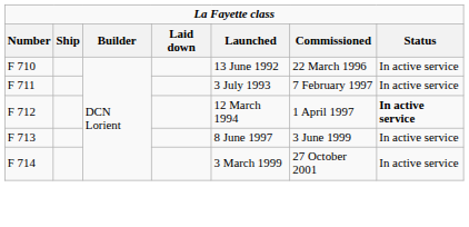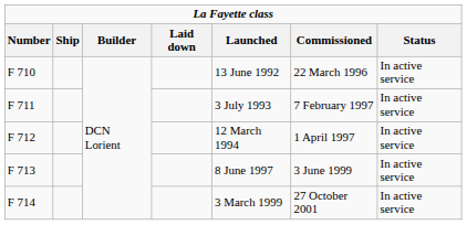 <table class="wikitable" border="1">
 <tr>
 <td colspan=7 align=center><strong><em>La Fayette<em> class<strong></td>
 </tr>
 <tr>
 <th>Number</th>
 <th>Ship</th>
 <th>Builder</th>
 <th>Laid down</th>
 <th>Launched</th>
 <th>Commissioned</th>
 <th>Status</th>
 </tr>
 <tr>
 <td>F 710</td>
 <td></td>
 <td rowspan=5>DCN Lorient</td>
 <td></td>
 <td>13 June 1992</td>
 <td>22 March 1996</td>
 <td>In active service</td>
 </tr>
 <tr>
 <td>F 711</td>
 <td></td>
 <td></td>
 <td>3 July 1993</td>
 <td>7 February 1997</td>
 <td>In active service</td>
 </tr>
 <tr>
 <td>F 712</td>
 <td></td>
 <td></td>
 <td>12 March 1994</td>
 <td>1 April 1997</td>
-<td><strong>In active service</strong></td>
+<td>In active service</td>
 </tr>
 <tr>
 <td>F 713</td>
 <td></td>
 <td></td>
 <td>8 June 1997</td>
 <td>3 June 1999</td>
 <td>In active service</td>
 </tr>
 <tr>
 <td>F 714</td>
 <td></td>
 <td></td>
 <td>3 March 1999</td>
 <td>27 October 2001</td>
 <td>In active service</td>
 </tr>
 </table>
